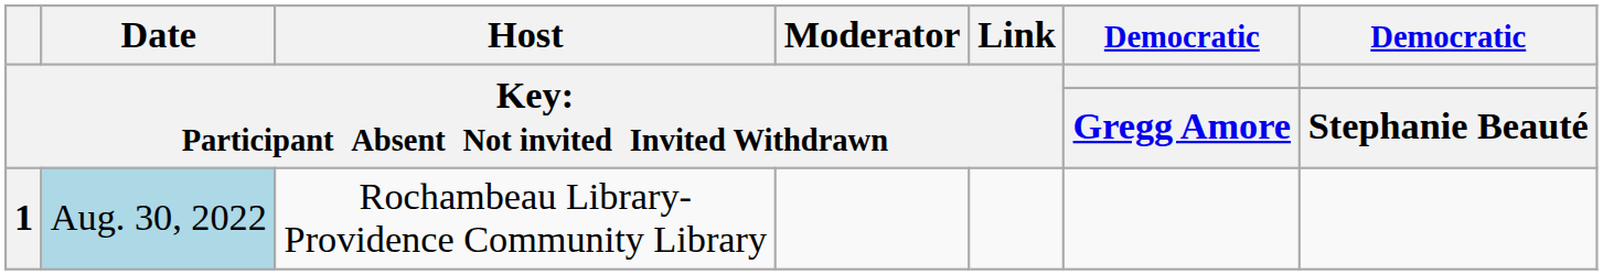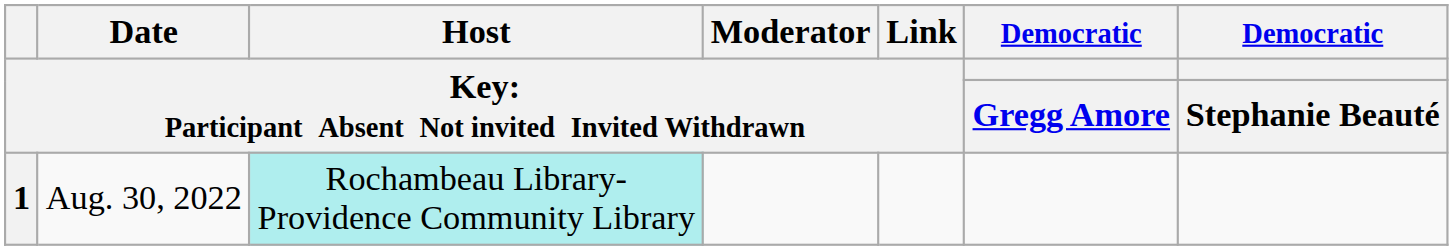 <table class="wikitable" style="text-align:center;">
 <tr>
 <th scope="col"></th>
 <th scope="col">Date</th>
 <th scope="col">Host</th>
 <th scope="col">Moderator</th>
 <th scope="col">Link</th>
 <th scope="col"><small><a href='#'>Democratic</a></small></th>
 <th scope="col"><small><a href='#'>Democratic</a></small></th>
 </tr>
 <tr>
 <th colspan="5" rowspan="2">Key:<br> <small>Participant </small>  <small>Absent </small>  <small>Not invited </small>  <small>Invited  Withdrawn</small></th>
 <th scope="col" style="background:"></th>
 <th scope="col" style="background:"></th>
 </tr>
 <tr>
 <th scope="col"><a href='#'>Gregg Amore</a></th>
 <th scope="col">Stephanie Beauté</th>
 </tr>
 <tr>
 <th>1</th>
-<td style="background: lightblue; white-space:nowrap;">Aug. 30, 2022</td>
-<td style="white-space:nowrap;">Rochambeau Library-<br>Providence Community Library</td>
+<td style="white-space:nowrap;">Aug. 30, 2022</td>
+<td style="background: paleturquoise; white-space:nowrap;">Rochambeau Library-<br>Providence Community Library</td>
 <td style="white-space:nowrap;"></td>
 <td style="white-space:nowrap;"></td>
 <td></td>
 <td></td>
 </tr>
 </table>
